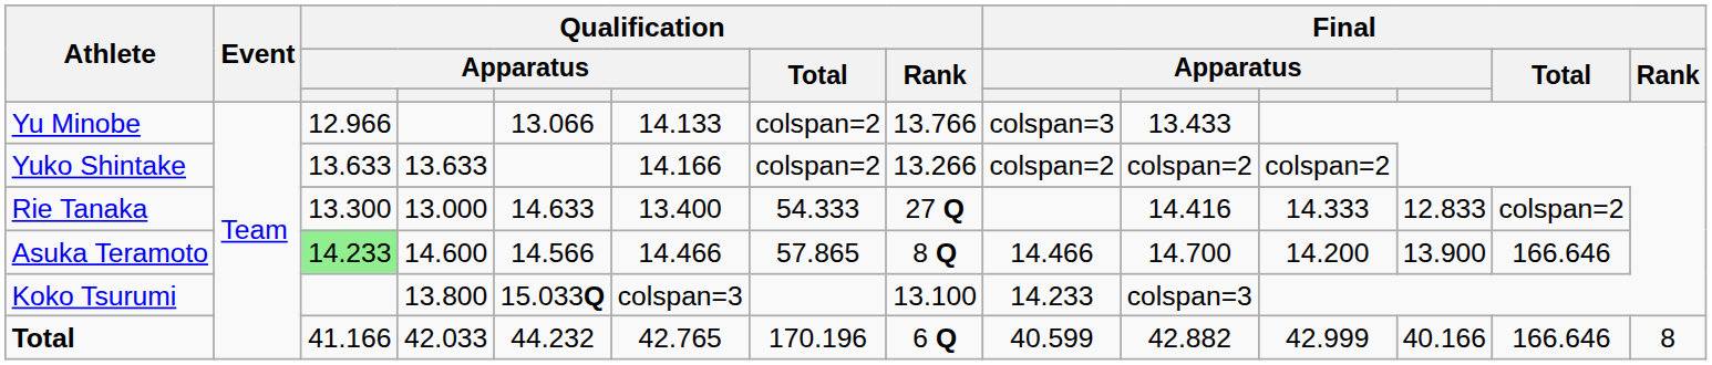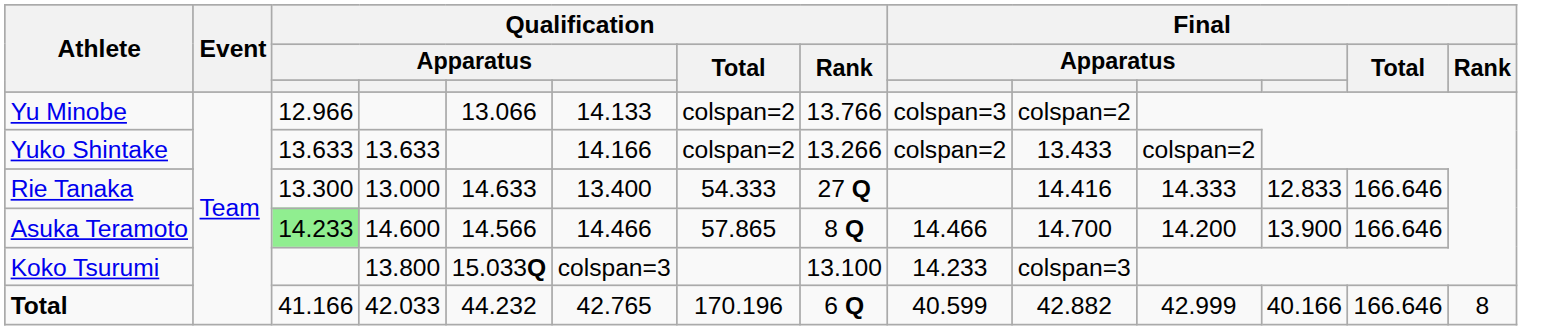 <table class="wikitable" style="font-size:90%">
 <tr>
 <th rowspan=3>Athlete</th>
 <th rowspan=3>Event</th>
 <th colspan=6>Qualification</th>
 <th colspan=6>Final</th>
 </tr>
 <tr style="font-size:95%">
 <th colspan=4>Apparatus</th>
 <th rowspan=2>Total</th>
 <th rowspan=2>Rank</th>
 <th colspan=4>Apparatus</th>
 <th rowspan=2>Total</th>
 <th rowspan=2>Rank</th>
 </tr>
 <tr style="font-size:95%">
 <th></th>
 <th></th>
 <th></th>
 <th></th>
 <th></th>
 <th></th>
 <th></th>
 <th></th>
 </tr>
 <tr align=center>
 <td align=left><a href='#'>Yu Minobe</a></td>
 <td rowspan=6 align=left><a href='#'>Team</a></td>
 <td>12.966</td>
 <td></td>
 <td>13.066</td>
 <td>14.133</td>
 <td>colspan=2 </td>
 <td>13.766</td>
 <td>colspan=3 </td>
-<td>13.433</td>
+<td>colspan=2 </td>
 </tr>
 <tr align=center>
 <td align=left><a href='#'>Yuko Shintake</a></td>
 <td>13.633</td>
 <td>13.633</td>
 <td></td>
 <td>14.166</td>
 <td>colspan=2 </td>
 <td>13.266</td>
 <td>colspan=2 </td>
-<td>colspan=2 </td>
+<td>13.433</td>
 <td>colspan=2 </td>
 </tr>
 <tr align=center>
 <td align=left><a href='#'>Rie Tanaka</a></td>
 <td>13.300</td>
 <td>13.000</td>
 <td>14.633</td>
 <td>13.400</td>
 <td>54.333</td>
 <td>27 <strong>Q</strong></td>
 <td></td>
 <td>14.416</td>
 <td>14.333</td>
 <td>12.833</td>
-<td>colspan=2 </td>
+<td>166.646</td>
 </tr>
 <tr align=center>
 <td align=left><a href='#'>Asuka Teramoto</a></td>
 <td style="background: lightgreen;">14.233</td>
 <td>14.600</td>
 <td>14.566</td>
 <td>14.466</td>
 <td>57.865</td>
 <td>8 <strong>Q</strong></td>
 <td>14.466</td>
 <td>14.700</td>
 <td>14.200</td>
 <td>13.900</td>
 <td>166.646</td>
 </tr>
 <tr align=center>
 <td align=left><a href='#'>Koko Tsurumi</a></td>
 <td></td>
 <td>13.800</td>
 <td>15.033<strong>Q</strong></td>
 <td>colspan=3 </td>
 <td></td>
 <td>13.100</td>
 <td>14.233</td>
 <td>colspan=3 </td>
 </tr>
 <tr align=center>
 <td align=left><strong>Total</strong></td>
 <td>41.166</td>
 <td>42.033</td>
 <td>44.232</td>
 <td>42.765</td>
 <td>170.196</td>
 <td>6 <strong>Q</strong></td>
 <td>40.599</td>
 <td>42.882</td>
 <td>42.999</td>
 <td>40.166</td>
 <td>166.646</td>
 <td>8</td>
 </tr>
 </table>
